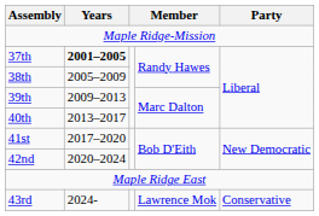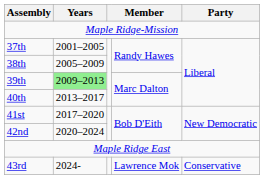 <table class="wikitable">
 <tr>
 <th>Assembly</th>
 <th>Years</th>
 <th colspan="2">Member</th>
 <th>Party</th>
 </tr>
 <tr>
 <td align="center" colspan=5><em><a href='#'>Maple Ridge-Mission</a></em></td>
 </tr>
 <tr>
 <td><a href='#'>37th</a></td>
-<td><strong>2001–2005</strong></td>
+<td>2001–2005</td>
 <td rowspan=4 ></td>
 <td rowspan=2><a href='#'>Randy Hawes</a></td>
 <td rowspan=4><a href='#'>Liberal</a></td>
 </tr>
 <tr>
 <td><a href='#'>38th</a></td>
 <td>2005–2009</td>
 </tr>
 <tr>
 <td><a href='#'>39th</a></td>
-<td>2009–2013</td>
+<td style="background: lightgreen;">2009–2013</td>
 <td rowspan=2><a href='#'>Marc Dalton</a></td>
 </tr>
 <tr>
 <td><a href='#'>40th</a></td>
 <td>2013–2017</td>
 </tr>
 <tr>
 <td><a href='#'>41st</a></td>
 <td>2017–2020</td>
 <td rowspan="2" ></td>
 <td rowspan="2"><a href='#'>Bob D'Eith</a></td>
 <td rowspan="2"><a href='#'>New Democratic</a></td>
 </tr>
 <tr>
 <td><a href='#'>42nd</a></td>
 <td>2020–2024</td>
 </tr>
 <tr>
 <td align="center" colspan=5><em><a href='#'>Maple Ridge East</a></em></td>
 </tr>
 <tr>
 <td><a href='#'>43rd</a></td>
 <td>2024-</td>
 <td rowspan="2" ></td>
 <td rowspan="2"><a href='#'>Lawrence Mok</a></td>
 <td rowspan="2"><a href='#'>Conservative</a></td>
 </tr>
 </table>
